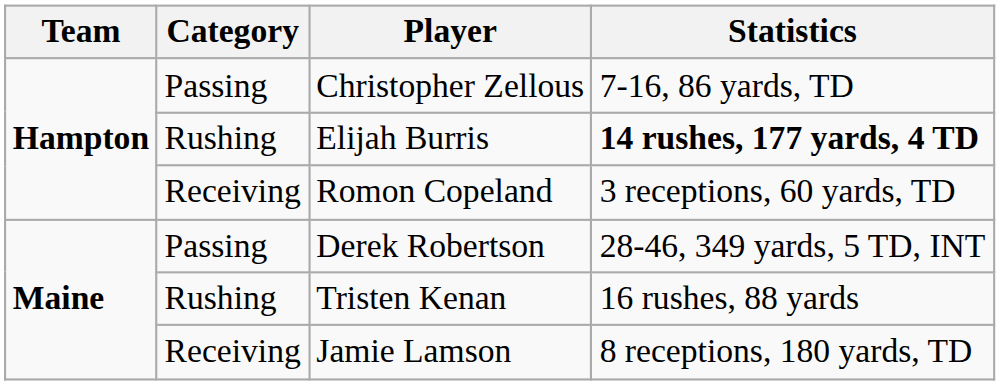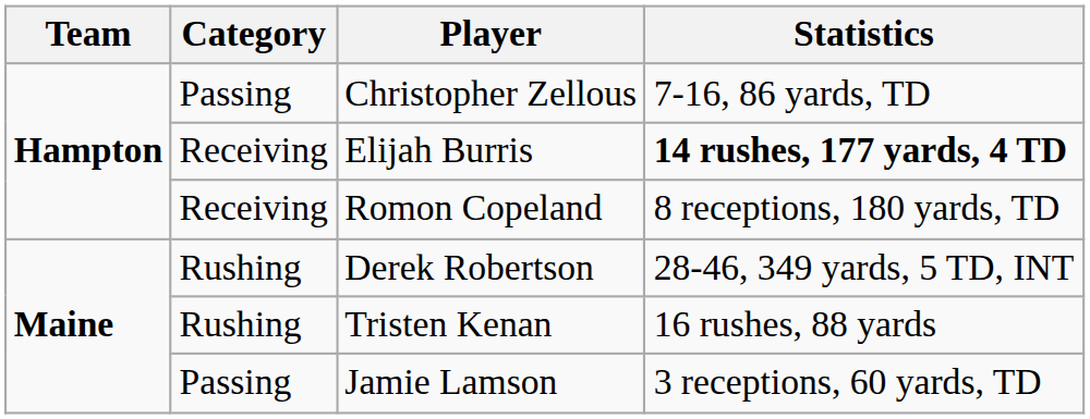 <table class="wikitable" style="float: left;">
 <tr>
 <th>Team</th>
 <th>Category</th>
 <th>Player</th>
 <th>Statistics</th>
 </tr>
 <tr>
 <td rowspan=3><strong>Hampton</strong></td>
 <td>Passing</td>
 <td>Christopher Zellous</td>
 <td>7-16, 86 yards, TD</td>
 </tr>
 <tr>
-<td>Rushing</td>
+<td>Receiving</td>
 <td>Elijah Burris</td>
 <td><strong>14 rushes, 177 yards, 4 TD</strong></td>
 </tr>
 <tr>
 <td>Receiving</td>
 <td>Romon Copeland</td>
-<td>3 receptions, 60 yards, TD</td>
+<td>8 receptions, 180 yards, TD</td>
 </tr>
 <tr>
 <td rowspan=3><strong>Maine</strong></td>
-<td>Passing</td>
+<td>Rushing</td>
 <td>Derek Robertson</td>
 <td>28-46, 349 yards, 5 TD, INT</td>
 </tr>
 <tr>
 <td>Rushing</td>
 <td>Tristen Kenan</td>
 <td>16 rushes, 88 yards</td>
 </tr>
 <tr>
-<td>Receiving</td>
+<td>Passing</td>
 <td>Jamie Lamson</td>
-<td>8 receptions, 180 yards, TD</td>
+<td>3 receptions, 60 yards, TD</td>
 </tr>
 </table>
